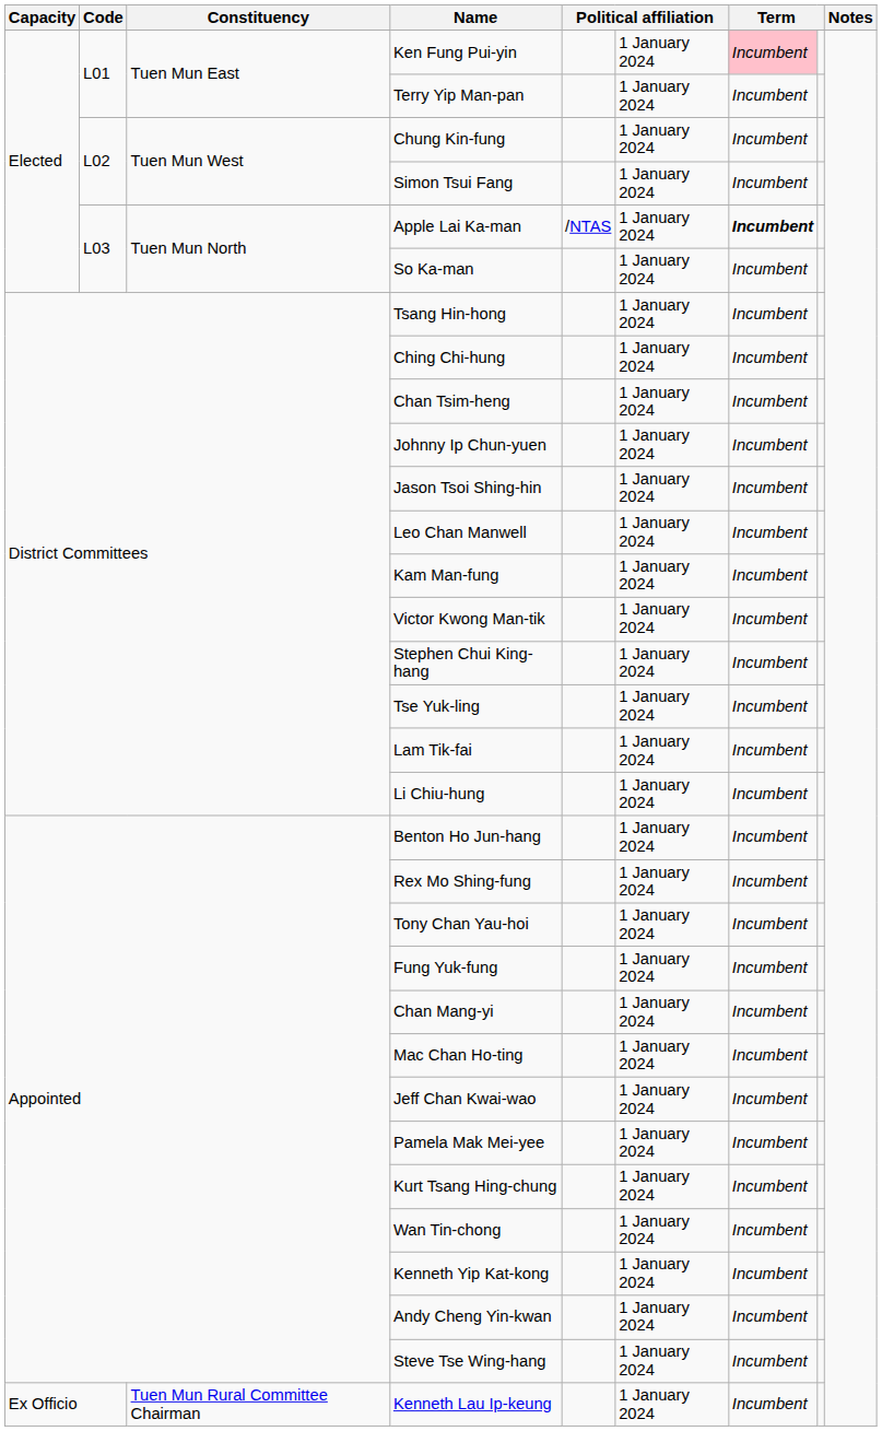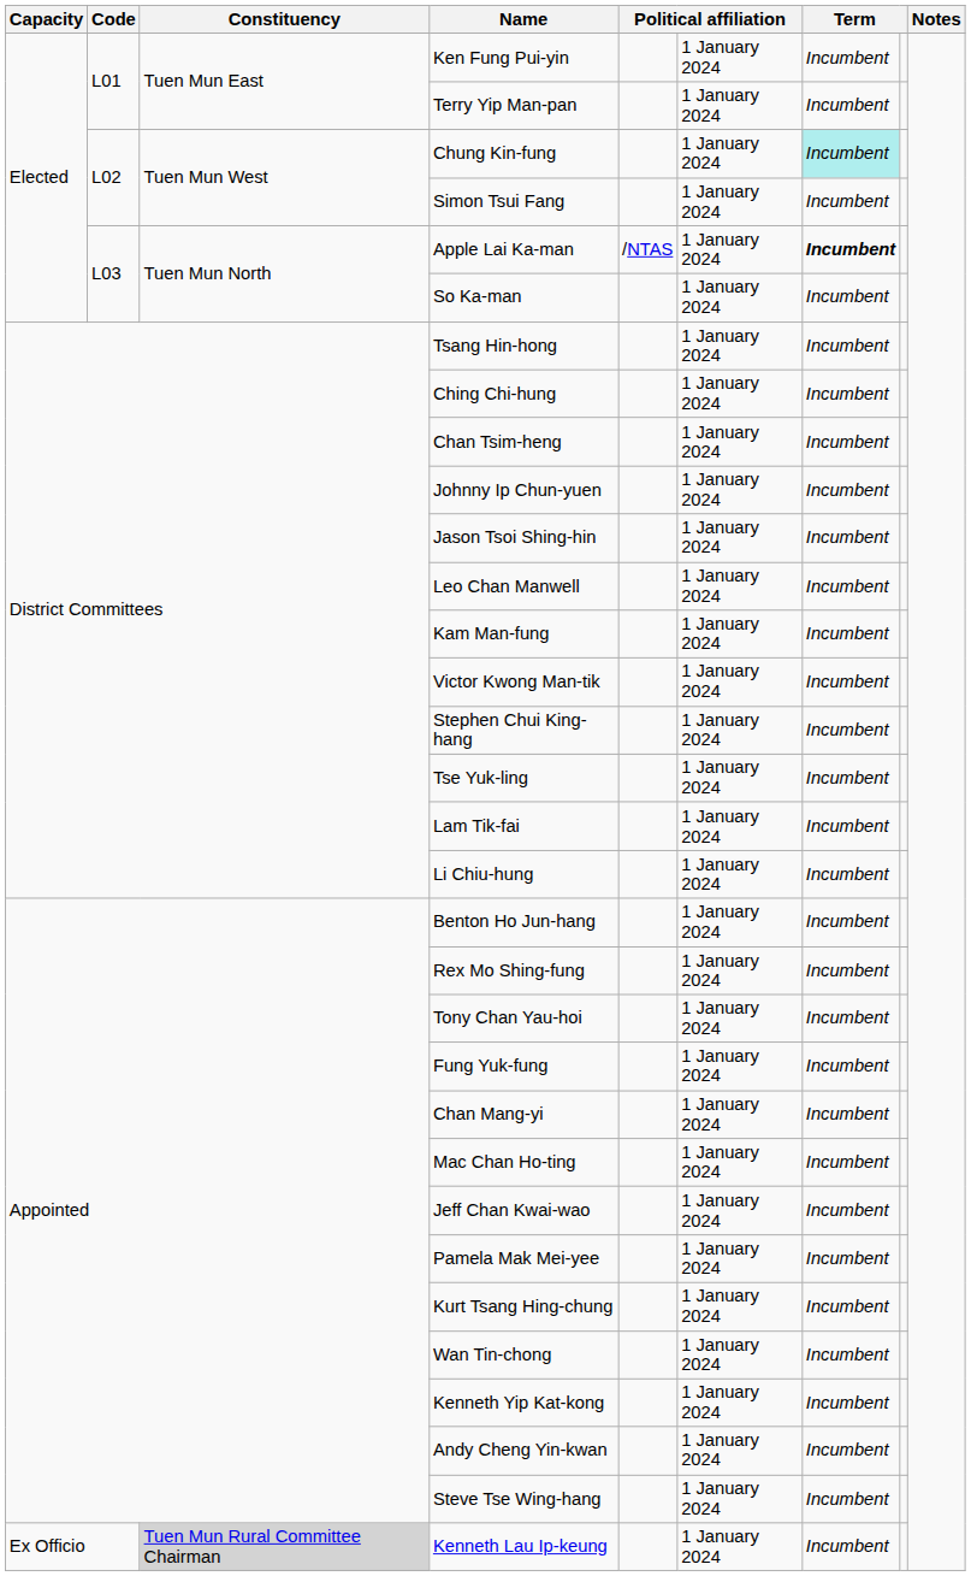 <table class="wikitable sortable" border="1">
 <tr>
 <th>Capacity</th>
 <th>Code</th>
 <th>Constituency</th>
 <th>Name</th>
 <th colspan="2">Political affiliation</th>
 <th colspan="2">Term</th>
 <th class="unsortable">Notes</th>
 </tr>
 <tr>
 <td rowspan="6">Elected</td>
 <td rowspan="2">L01</td>
 <td rowspan="2">Tuen Mun East</td>
 <td>Ken Fung Pui-yin</td>
 <td></td>
 <td>1 January 2024</td>
-<td style="background: pink;"><em>Incumbent</em></td>
+<td><em>Incumbent</em></td>
 <td></td>
 </tr>
 <tr>
 <td>Terry Yip Man-pan</td>
 <td></td>
 <td>1 January 2024</td>
 <td><em>Incumbent</em></td>
 <td></td>
 </tr>
 <tr>
 <td rowspan="2">L02</td>
 <td rowspan="2">Tuen Mun West</td>
 <td>Chung Kin-fung</td>
 <td></td>
 <td>1 January 2024</td>
-<td><em>Incumbent</em></td>
+<td style="background: paleturquoise;"><em>Incumbent</em></td>
 <td></td>
 </tr>
 <tr>
 <td>Simon Tsui Fang</td>
 <td></td>
 <td>1 January 2024</td>
 <td><em>Incumbent</em></td>
 <td></td>
 </tr>
 <tr>
 <td rowspan="2">L03</td>
 <td rowspan="2">Tuen Mun North</td>
 <td>Apple Lai Ka-man</td>
 <td>/<a href='#'>NTAS</a></td>
 <td>1 January 2024</td>
 <td><strong><em>Incumbent</em></strong></td>
 <td></td>
 </tr>
 <tr>
 <td>So Ka-man</td>
 <td></td>
 <td>1 January 2024</td>
 <td><em>Incumbent</em></td>
 <td></td>
 </tr>
 <tr>
 <td colspan="3" rowspan="12">District Committees</td>
 <td>Tsang Hin-hong</td>
 <td></td>
 <td>1 January 2024</td>
 <td><em>Incumbent</em></td>
 <td></td>
 </tr>
 <tr>
 <td>Ching Chi-hung</td>
 <td></td>
 <td>1 January 2024</td>
 <td><em>Incumbent</em></td>
 <td></td>
 </tr>
 <tr>
 <td>Chan Tsim-heng</td>
 <td></td>
 <td>1 January 2024</td>
 <td><em>Incumbent</em></td>
 <td></td>
 </tr>
 <tr>
 <td>Johnny Ip Chun-yuen</td>
 <td></td>
 <td>1 January 2024</td>
 <td><em>Incumbent</em></td>
 <td></td>
 </tr>
 <tr>
 <td>Jason Tsoi Shing-hin</td>
 <td></td>
 <td>1 January 2024</td>
 <td><em>Incumbent</em></td>
 <td></td>
 </tr>
 <tr>
 <td>Leo Chan Manwell</td>
 <td></td>
 <td>1 January 2024</td>
 <td><em>Incumbent</em></td>
 <td></td>
 </tr>
 <tr>
 <td>Kam Man-fung</td>
 <td></td>
 <td>1 January 2024</td>
 <td><em>Incumbent</em></td>
 <td></td>
 </tr>
 <tr>
 <td>Victor Kwong Man-tik</td>
 <td></td>
 <td>1 January 2024</td>
 <td><em>Incumbent</em></td>
 <td></td>
 </tr>
 <tr>
 <td>Stephen Chui King-hang</td>
 <td></td>
 <td>1 January 2024</td>
 <td><em>Incumbent</em></td>
 <td></td>
 </tr>
 <tr>
 <td>Tse Yuk-ling</td>
 <td></td>
 <td>1 January 2024</td>
 <td><em>Incumbent</em></td>
 <td></td>
 </tr>
 <tr>
 <td>Lam Tik-fai</td>
 <td></td>
 <td>1 January 2024</td>
 <td><em>Incumbent</em></td>
 <td></td>
 </tr>
 <tr>
 <td>Li Chiu-hung</td>
 <td></td>
 <td>1 January 2024</td>
 <td><em>Incumbent</em></td>
 <td></td>
 </tr>
 <tr>
 <td colspan="3" rowspan="13">Appointed</td>
 <td>Benton Ho Jun-hang</td>
 <td></td>
 <td>1 January 2024</td>
 <td><em>Incumbent</em></td>
 <td></td>
 </tr>
 <tr>
 <td>Rex Mo Shing-fung</td>
 <td></td>
 <td>1 January 2024</td>
 <td><em>Incumbent</em></td>
 <td></td>
 </tr>
 <tr>
 <td>Tony Chan Yau-hoi</td>
 <td></td>
 <td>1 January 2024</td>
 <td><em>Incumbent</em></td>
 <td></td>
 </tr>
 <tr>
 <td>Fung Yuk-fung</td>
 <td></td>
 <td>1 January 2024</td>
 <td><em>Incumbent</em></td>
 <td></td>
 </tr>
 <tr>
 <td>Chan Mang-yi</td>
 <td></td>
 <td>1 January 2024</td>
 <td><em>Incumbent</em></td>
 <td></td>
 </tr>
 <tr>
 <td>Mac Chan Ho-ting</td>
 <td></td>
 <td>1 January 2024</td>
 <td><em>Incumbent</em></td>
 <td></td>
 </tr>
 <tr>
 <td>Jeff Chan Kwai-wao</td>
 <td></td>
 <td>1 January 2024</td>
 <td><em>Incumbent</em></td>
 <td></td>
 </tr>
 <tr>
 <td>Pamela Mak Mei-yee</td>
 <td></td>
 <td>1 January 2024</td>
 <td><em>Incumbent</em></td>
 <td></td>
 </tr>
 <tr>
 <td>Kurt Tsang Hing-chung</td>
 <td></td>
 <td>1 January 2024</td>
 <td><em>Incumbent</em></td>
 <td></td>
 </tr>
 <tr>
 <td>Wan Tin-chong</td>
 <td></td>
 <td>1 January 2024</td>
 <td><em>Incumbent</em></td>
 <td></td>
 </tr>
 <tr>
 <td>Kenneth Yip Kat-kong</td>
 <td></td>
 <td>1 January 2024</td>
 <td><em>Incumbent</em></td>
 <td></td>
 </tr>
 <tr>
 <td>Andy Cheng Yin-kwan</td>
 <td></td>
 <td>1 January 2024</td>
 <td><em>Incumbent</em></td>
 <td></td>
 </tr>
 <tr>
 <td>Steve Tse Wing-hang</td>
 <td></td>
 <td>1 January 2024</td>
 <td><em>Incumbent</em></td>
 <td></td>
 </tr>
 <tr>
 <td colspan="2">Ex Officio</td>
-<td><a href='#'>Tuen Mun Rural Committee</a> Chairman</td>
+<td style="background: lightgrey;"><a href='#'>Tuen Mun Rural Committee</a> Chairman</td>
 <td><a href='#'>Kenneth Lau Ip-keung</a></td>
 <td></td>
 <td>1 January 2024</td>
 <td><em>Incumbent</em></td>
 <td></td>
 </tr>
 </table>
